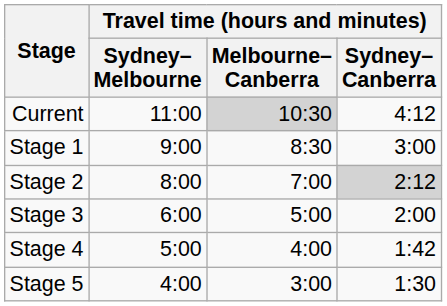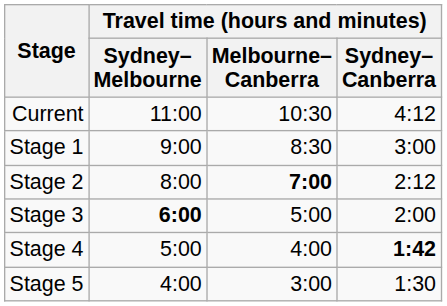 <table class="wikitable" style="text-align:right;">
 <tr>
 <th rowspan=2>Stage</th>
 <th colspan="3">Travel time (hours and minutes)</th>
 </tr>
 <tr>
 <th>Sydney–<br>Melbourne</th>
 <th>Melbourne–<br>Canberra</th>
 <th>Sydney–<br>Canberra</th>
 </tr>
 <tr>
 <td>Current</td>
 <td>11:00</td>
-<td style="background: lightgrey;">10:30</td>
+<td>10:30</td>
 <td>4:12</td>
 </tr>
 <tr>
 <td>Stage 1</td>
 <td>9:00</td>
 <td>8:30</td>
 <td>3:00</td>
 </tr>
 <tr>
 <td>Stage 2</td>
 <td>8:00</td>
-<td>7:00</td>
-<td style="background: lightgrey;">2:12</td>
+<td><strong>7:00</strong></td>
+<td>2:12</td>
 </tr>
 <tr>
 <td>Stage 3</td>
-<td>6:00</td>
+<td><strong>6:00</strong></td>
 <td>5:00</td>
 <td>2:00</td>
 </tr>
 <tr>
 <td>Stage 4</td>
 <td>5:00</td>
 <td>4:00</td>
-<td>1:42</td>
+<td><strong>1:42</strong></td>
 </tr>
 <tr>
 <td>Stage 5</td>
 <td>4:00</td>
 <td>3:00</td>
 <td>1:30</td>
 </tr>
 </table>
